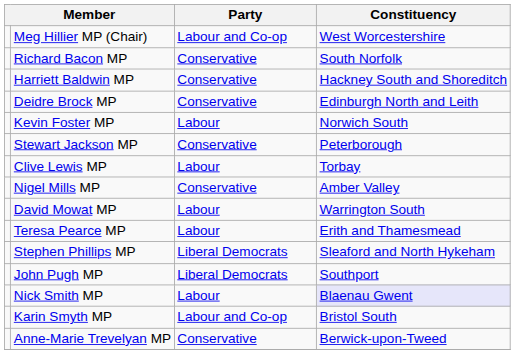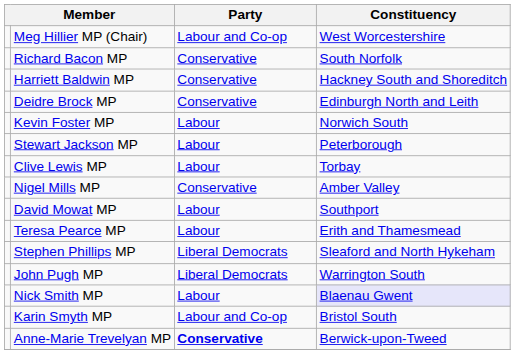 <table class="wikitable">
 <tr>
 <th width="160px" colspan="2" valign="top">Member</th>
 <th width="160px" valign="top">Party</th>
 <th valign="top">Constituency</th>
 </tr>
 <tr>
 <td style="color:inherit;background:"></td>
 <td><a href='#'>Meg Hillier</a> MP (Chair)</td>
 <td><a href='#'>Labour and Co-op</a></td>
 <td><a href='#'>West Worcestershire</a></td>
 </tr>
 <tr>
 <td style="color:inherit;background:"></td>
 <td><a href='#'>Richard Bacon</a> MP</td>
 <td><a href='#'>Conservative</a></td>
 <td><a href='#'>South Norfolk</a></td>
 </tr>
 <tr>
 <td style="color:inherit;background:"></td>
 <td><a href='#'>Harriett Baldwin</a> MP</td>
 <td><a href='#'>Conservative</a></td>
 <td><a href='#'>Hackney South and Shoreditch</a></td>
 </tr>
 <tr>
 <td style="color:inherit;background:"></td>
 <td><a href='#'>Deidre Brock</a> MP</td>
 <td><a href='#'>Conservative</a></td>
 <td><a href='#'>Edinburgh North and Leith</a></td>
 </tr>
 <tr>
 <td style="color:inherit;background:"></td>
 <td><a href='#'>Kevin Foster</a> MP</td>
 <td><a href='#'>Labour</a></td>
 <td><a href='#'>Norwich South</a></td>
 </tr>
 <tr>
 <td style="color:inherit;background:"></td>
 <td><a href='#'>Stewart Jackson</a> MP</td>
-<td><a href='#'>Conservative</a></td>
+<td><a href='#'>Labour</a></td>
 <td><a href='#'>Peterborough</a></td>
 </tr>
 <tr>
 <td style="color:inherit;background:"></td>
 <td><a href='#'>Clive Lewis</a> MP</td>
 <td><a href='#'>Labour</a></td>
 <td><a href='#'>Torbay</a></td>
 </tr>
 <tr>
 <td style="color:inherit;background:"></td>
 <td><a href='#'>Nigel Mills</a> MP</td>
 <td><a href='#'>Conservative</a></td>
 <td><a href='#'>Amber Valley</a></td>
 </tr>
 <tr>
 <td style="color:inherit;background:"></td>
 <td><a href='#'>David Mowat</a> MP</td>
 <td><a href='#'>Labour</a></td>
-<td><a href='#'>Warrington South</a></td>
+<td><a href='#'>Southport</a></td>
 </tr>
 <tr>
 <td style="color:inherit;background:"></td>
 <td><a href='#'>Teresa Pearce</a> MP</td>
 <td><a href='#'>Labour</a></td>
 <td><a href='#'>Erith and Thamesmead</a></td>
 </tr>
 <tr>
 <td style="color:inherit;background:"></td>
 <td><a href='#'>Stephen Phillips</a> MP</td>
 <td><a href='#'>Liberal Democrats</a></td>
 <td><a href='#'>Sleaford and North Hykeham</a></td>
 </tr>
 <tr>
 <td style="color:inherit;background:"></td>
 <td><a href='#'>John Pugh</a> MP</td>
 <td><a href='#'>Liberal Democrats</a></td>
-<td><a href='#'>Southport</a></td>
+<td><a href='#'>Warrington South</a></td>
 </tr>
 <tr>
 <td style="color:inherit;background:"></td>
 <td><a href='#'>Nick Smith</a> MP</td>
 <td><a href='#'>Labour</a></td>
 <td style="background: lavender;"><a href='#'>Blaenau Gwent</a></td>
 </tr>
 <tr>
 <td style="color:inherit;background:"></td>
 <td><a href='#'>Karin Smyth</a> MP</td>
 <td><a href='#'>Labour and Co-op</a></td>
 <td><a href='#'>Bristol South</a></td>
 </tr>
 <tr>
 <td style="color:inherit;background:"></td>
 <td><a href='#'>Anne-Marie Trevelyan</a> MP</td>
-<td><a href='#'>Conservative</a></td>
+<td><strong><a href='#'>Conservative</a></strong></td>
 <td><a href='#'>Berwick-upon-Tweed</a></td>
 </tr>
 <tr>
 </tr>
 </table>
